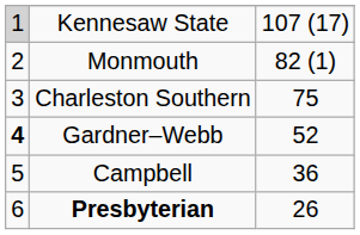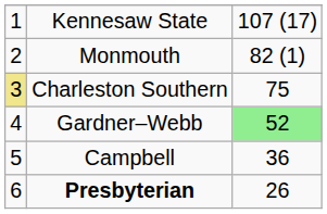 <table class="wikitable">
 <tr align="center">
 </tr>
 <tr align="center">
-<td style="background: lightgrey;">1</td>
+<td>1</td>
 <td>Kennesaw State</td>
 <td>107 (17)</td>
 </tr>
 <tr align="center">
 <td>2</td>
 <td>Monmouth</td>
 <td>82 (1)</td>
 </tr>
 <tr align="center">
-<td>3</td>
+<td style="background: khaki;">3</td>
 <td>Charleston Southern</td>
 <td>75</td>
 </tr>
 <tr align="center">
-<td><strong>4</strong></td>
+<td>4</td>
 <td>Gardner–Webb</td>
-<td>52</td>
+<td style="background: lightgreen;">52</td>
 </tr>
 <tr align="center">
 <td>5</td>
 <td>Campbell</td>
 <td>36</td>
 </tr>
 <tr align="center">
 <td>6</td>
 <td><strong>Presbyterian</strong></td>
 <td>26</td>
 </tr>
 </table>
